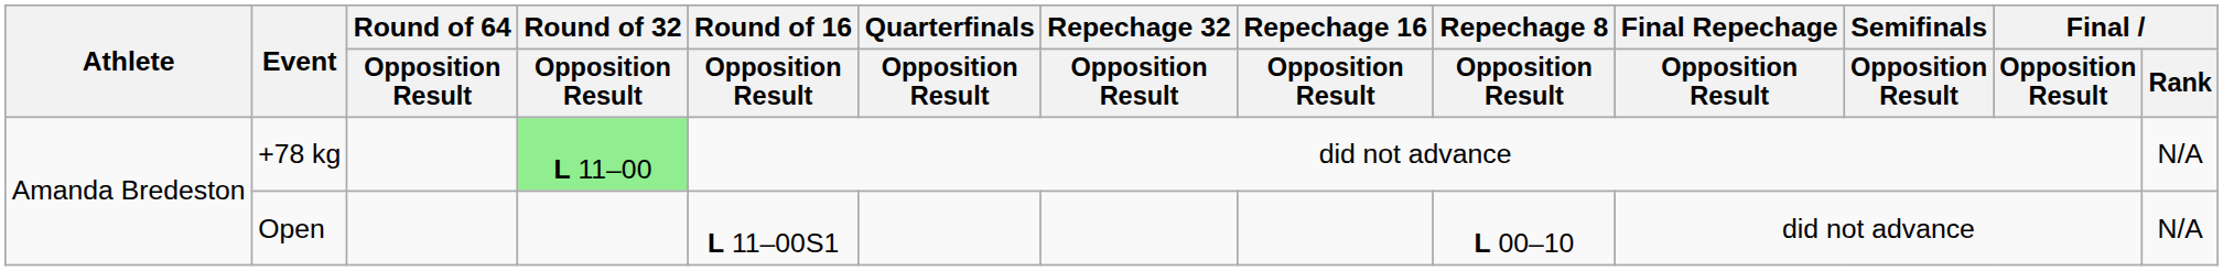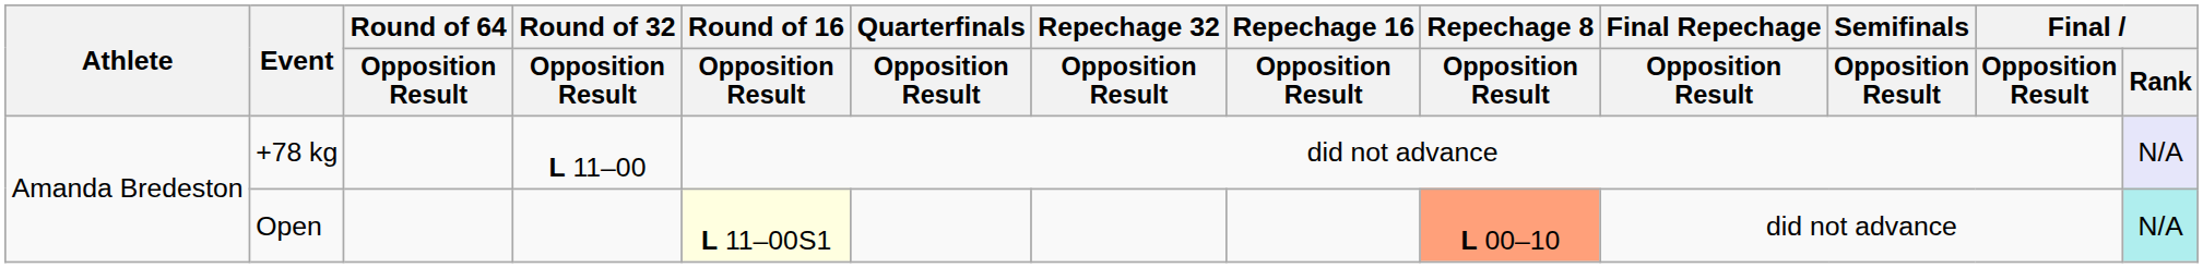 <table class="wikitable" style="font-size:90%">
 <tr>
 <th rowspan="2">Athlete</th>
 <th rowspan="2">Event</th>
 <th>Round of 64</th>
 <th>Round of 32</th>
 <th>Round of 16</th>
 <th>Quarterfinals</th>
 <th>Repechage 32</th>
 <th>Repechage 16</th>
 <th>Repechage 8</th>
 <th>Final Repechage</th>
 <th>Semifinals</th>
 <th colspan=2>Final / </th>
 </tr>
 <tr style="font-size:95%">
 <th>Opposition<br>Result</th>
 <th>Opposition<br>Result</th>
 <th>Opposition<br>Result</th>
 <th>Opposition<br>Result</th>
 <th>Opposition<br>Result</th>
 <th>Opposition<br>Result</th>
 <th>Opposition<br>Result</th>
 <th>Opposition<br>Result</th>
 <th>Opposition<br>Result</th>
 <th>Opposition<br>Result</th>
 <th>Rank</th>
 </tr>
 <tr align=center>
 <td align=left rowspan=2>Amanda Bredeston</td>
 <td align=left>+78 kg</td>
 <td></td>
-<td style="background: lightgreen;"><br><strong>L</strong> 11–00</td>
+<td><br><strong>L</strong> 11–00</td>
 <td colspan=8>did not advance</td>
-<td>N/A</td>
+<td style="background: lavender;">N/A</td>
 </tr>
 <tr align=center>
 <td align=left>Open</td>
 <td></td>
 <td></td>
-<td><br><strong>L</strong> 11–00S1</td>
+<td style="background: lightyellow;"><br><strong>L</strong> 11–00S1</td>
 <td></td>
 <td></td>
 <td></td>
-<td><br><strong>L</strong> 00–10</td>
+<td style="background: lightsalmon;"><br><strong>L</strong> 00–10</td>
 <td colspan=3>did not advance</td>
-<td>N/A</td>
+<td style="background: paleturquoise;">N/A</td>
 </tr>
 </table>
